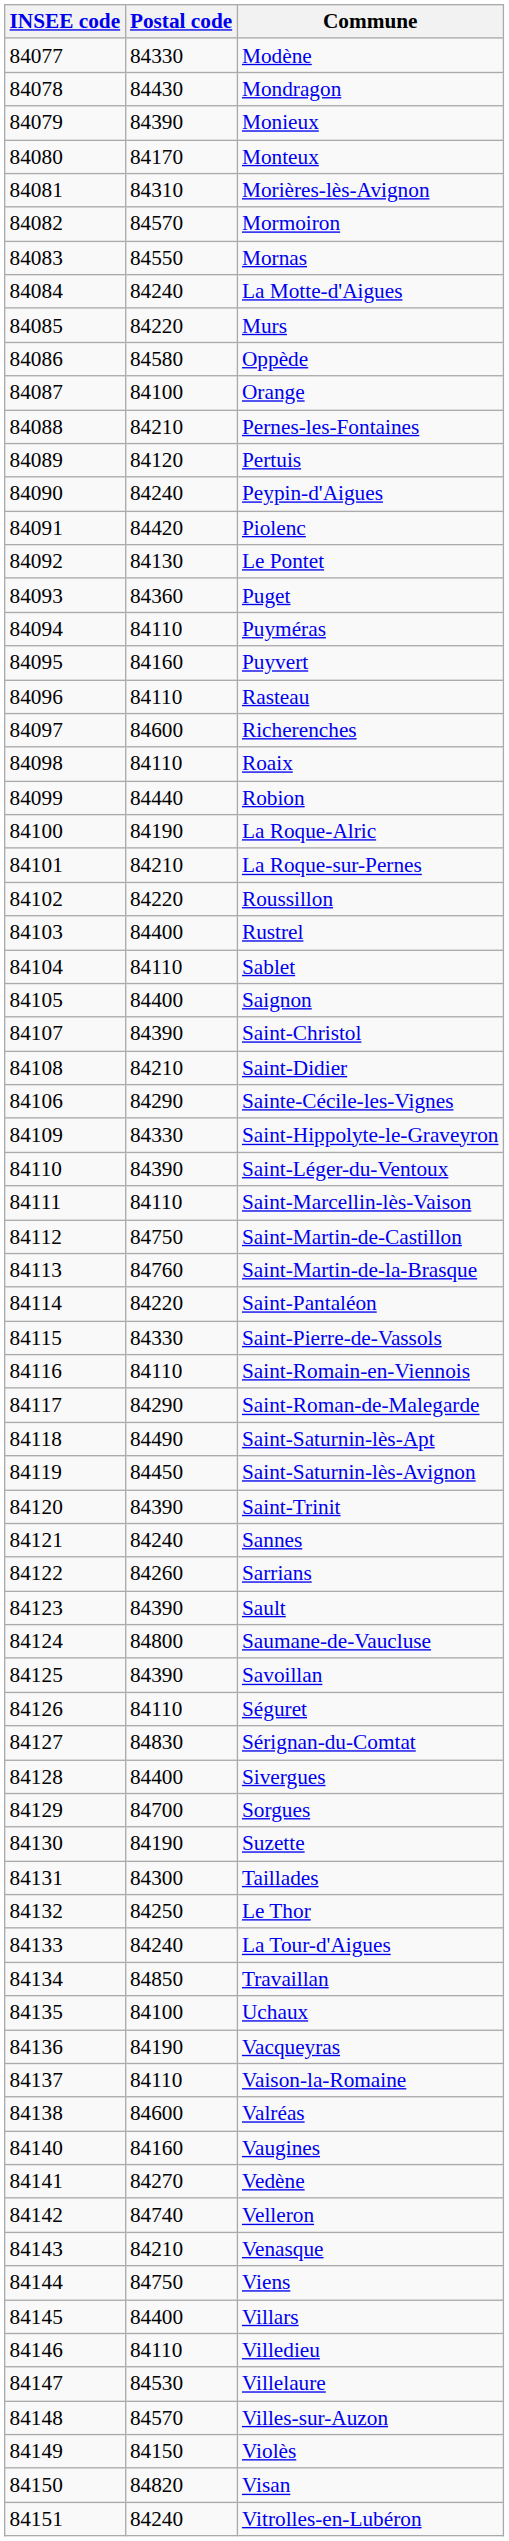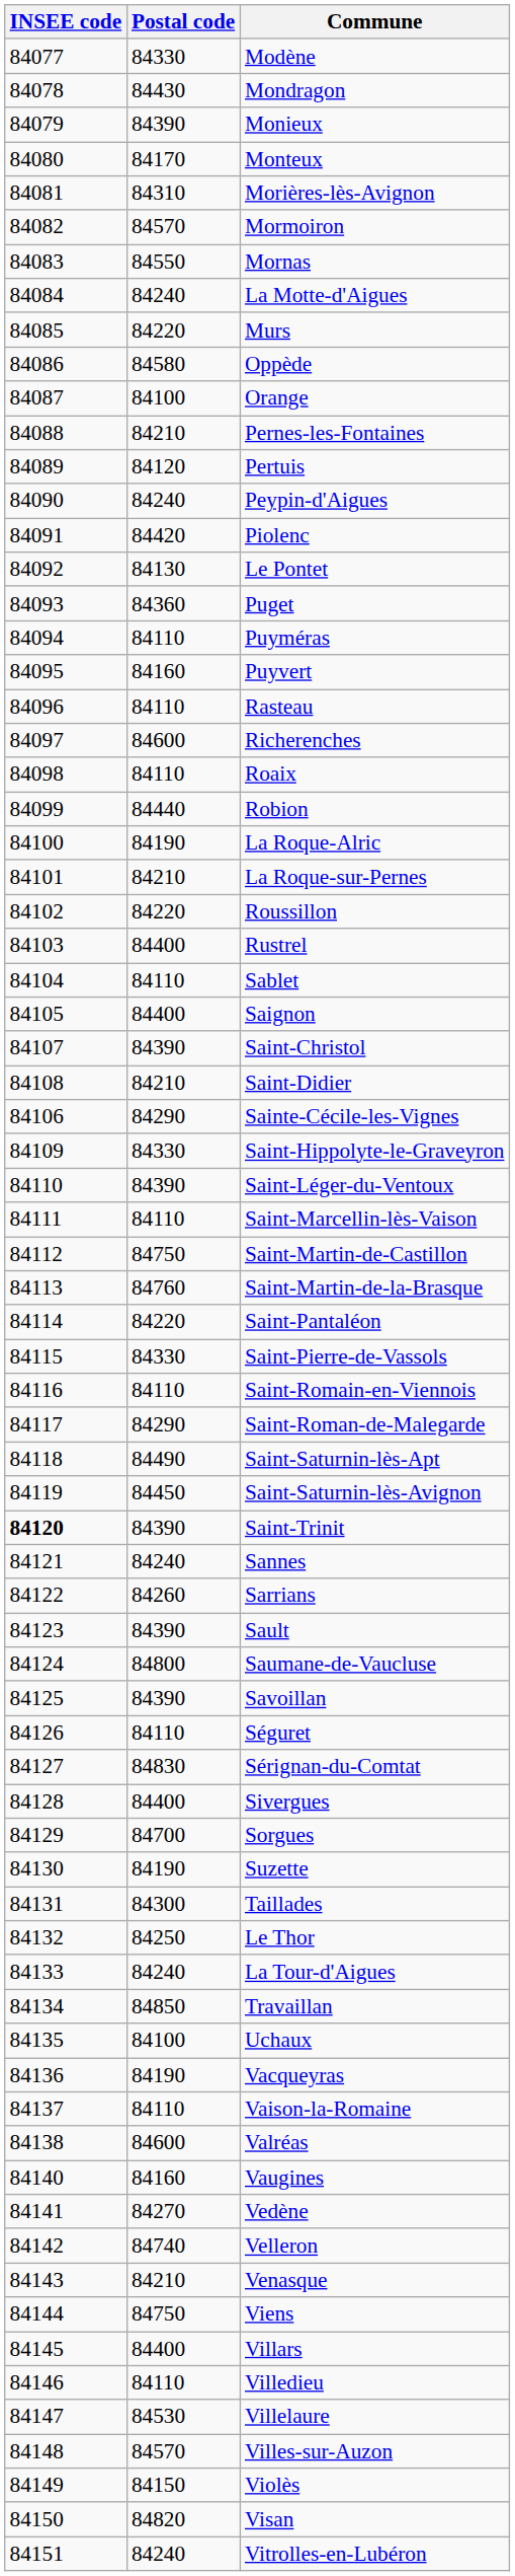 <table class="wikitable sortable">
 <tr>
 <th><a href='#'>INSEE code</a></th>
 <th><a href='#'>Postal code</a></th>
 <th>Commune</th>
 </tr>
 <tr>
 <td>84077</td>
 <td>84330</td>
 <td><a href='#'>Modène</a></td>
 </tr>
 <tr>
 <td>84078</td>
 <td>84430</td>
 <td><a href='#'>Mondragon</a></td>
 </tr>
 <tr>
 <td>84079</td>
 <td>84390</td>
 <td><a href='#'>Monieux</a></td>
 </tr>
 <tr>
 <td>84080</td>
 <td>84170</td>
 <td><a href='#'>Monteux</a></td>
 </tr>
 <tr>
 <td>84081</td>
 <td>84310</td>
 <td><a href='#'>Morières-lès-Avignon</a></td>
 </tr>
 <tr>
 <td>84082</td>
 <td>84570</td>
 <td><a href='#'>Mormoiron</a></td>
 </tr>
 <tr>
 <td>84083</td>
 <td>84550</td>
 <td><a href='#'>Mornas</a></td>
 </tr>
 <tr>
 <td>84084</td>
 <td>84240</td>
 <td><a href='#'>La Motte-d'Aigues</a></td>
 </tr>
 <tr>
 <td>84085</td>
 <td>84220</td>
 <td><a href='#'>Murs</a></td>
 </tr>
 <tr>
 <td>84086</td>
 <td>84580</td>
 <td><a href='#'>Oppède</a></td>
 </tr>
 <tr>
 <td>84087</td>
 <td>84100</td>
 <td><a href='#'>Orange</a></td>
 </tr>
 <tr>
 <td>84088</td>
 <td>84210</td>
 <td><a href='#'>Pernes-les-Fontaines</a></td>
 </tr>
 <tr>
 <td>84089</td>
 <td>84120</td>
 <td><a href='#'>Pertuis</a></td>
 </tr>
 <tr>
 <td>84090</td>
 <td>84240</td>
 <td><a href='#'>Peypin-d'Aigues</a></td>
 </tr>
 <tr>
 <td>84091</td>
 <td>84420</td>
 <td><a href='#'>Piolenc</a></td>
 </tr>
 <tr>
 <td>84092</td>
 <td>84130</td>
 <td><a href='#'>Le Pontet</a></td>
 </tr>
 <tr>
 <td>84093</td>
 <td>84360</td>
 <td><a href='#'>Puget</a></td>
 </tr>
 <tr>
 <td>84094</td>
 <td>84110</td>
 <td><a href='#'>Puyméras</a></td>
 </tr>
 <tr>
 <td>84095</td>
 <td>84160</td>
 <td><a href='#'>Puyvert</a></td>
 </tr>
 <tr>
 <td>84096</td>
 <td>84110</td>
 <td><a href='#'>Rasteau</a></td>
 </tr>
 <tr>
 <td>84097</td>
 <td>84600</td>
 <td><a href='#'>Richerenches</a></td>
 </tr>
 <tr>
 <td>84098</td>
 <td>84110</td>
 <td><a href='#'>Roaix</a></td>
 </tr>
 <tr>
 <td>84099</td>
 <td>84440</td>
 <td><a href='#'>Robion</a></td>
 </tr>
 <tr>
 <td>84100</td>
 <td>84190</td>
 <td><a href='#'>La Roque-Alric</a></td>
 </tr>
 <tr>
 <td>84101</td>
 <td>84210</td>
 <td><a href='#'>La Roque-sur-Pernes</a></td>
 </tr>
 <tr>
 <td>84102</td>
 <td>84220</td>
 <td><a href='#'>Roussillon</a></td>
 </tr>
 <tr>
 <td>84103</td>
 <td>84400</td>
 <td><a href='#'>Rustrel</a></td>
 </tr>
 <tr>
 <td>84104</td>
 <td>84110</td>
 <td><a href='#'>Sablet</a></td>
 </tr>
 <tr>
 <td>84105</td>
 <td>84400</td>
 <td><a href='#'>Saignon</a></td>
 </tr>
 <tr>
 <td>84107</td>
 <td>84390</td>
 <td><a href='#'>Saint-Christol</a></td>
 </tr>
 <tr>
 <td>84108</td>
 <td>84210</td>
 <td><a href='#'>Saint-Didier</a></td>
 </tr>
 <tr>
 <td>84106</td>
 <td>84290</td>
 <td><a href='#'>Sainte-Cécile-les-Vignes</a></td>
 </tr>
 <tr>
 <td>84109</td>
 <td>84330</td>
 <td><a href='#'>Saint-Hippolyte-le-Graveyron</a></td>
 </tr>
 <tr>
 <td>84110</td>
 <td>84390</td>
 <td><a href='#'>Saint-Léger-du-Ventoux</a></td>
 </tr>
 <tr>
 <td>84111</td>
 <td>84110</td>
 <td><a href='#'>Saint-Marcellin-lès-Vaison</a></td>
 </tr>
 <tr>
 <td>84112</td>
 <td>84750</td>
 <td><a href='#'>Saint-Martin-de-Castillon</a></td>
 </tr>
 <tr>
 <td>84113</td>
 <td>84760</td>
 <td><a href='#'>Saint-Martin-de-la-Brasque</a></td>
 </tr>
 <tr>
 <td>84114</td>
 <td>84220</td>
 <td><a href='#'>Saint-Pantaléon</a></td>
 </tr>
 <tr>
 <td>84115</td>
 <td>84330</td>
 <td><a href='#'>Saint-Pierre-de-Vassols</a></td>
 </tr>
 <tr>
 <td>84116</td>
 <td>84110</td>
 <td><a href='#'>Saint-Romain-en-Viennois</a></td>
 </tr>
 <tr>
 <td>84117</td>
 <td>84290</td>
 <td><a href='#'>Saint-Roman-de-Malegarde</a></td>
 </tr>
 <tr>
 <td>84118</td>
 <td>84490</td>
 <td><a href='#'>Saint-Saturnin-lès-Apt</a></td>
 </tr>
 <tr>
 <td>84119</td>
 <td>84450</td>
 <td><a href='#'>Saint-Saturnin-lès-Avignon</a></td>
 </tr>
 <tr>
-<td>84120</td>
+<td><strong>84120</strong></td>
 <td>84390</td>
 <td><a href='#'>Saint-Trinit</a></td>
 </tr>
 <tr>
 <td>84121</td>
 <td>84240</td>
 <td><a href='#'>Sannes</a></td>
 </tr>
 <tr>
 <td>84122</td>
 <td>84260</td>
 <td><a href='#'>Sarrians</a></td>
 </tr>
 <tr>
 <td>84123</td>
 <td>84390</td>
 <td><a href='#'>Sault</a></td>
 </tr>
 <tr>
 <td>84124</td>
 <td>84800</td>
 <td><a href='#'>Saumane-de-Vaucluse</a></td>
 </tr>
 <tr>
 <td>84125</td>
 <td>84390</td>
 <td><a href='#'>Savoillan</a></td>
 </tr>
 <tr>
 <td>84126</td>
 <td>84110</td>
 <td><a href='#'>Séguret</a></td>
 </tr>
 <tr>
 <td>84127</td>
 <td>84830</td>
 <td><a href='#'>Sérignan-du-Comtat</a></td>
 </tr>
 <tr>
 <td>84128</td>
 <td>84400</td>
 <td><a href='#'>Sivergues</a></td>
 </tr>
 <tr>
 <td>84129</td>
 <td>84700</td>
 <td><a href='#'>Sorgues</a></td>
 </tr>
 <tr>
 <td>84130</td>
 <td>84190</td>
 <td><a href='#'>Suzette</a></td>
 </tr>
 <tr>
 <td>84131</td>
 <td>84300</td>
 <td><a href='#'>Taillades</a></td>
 </tr>
 <tr>
 <td>84132</td>
 <td>84250</td>
 <td><a href='#'>Le Thor</a></td>
 </tr>
 <tr>
 <td>84133</td>
 <td>84240</td>
 <td><a href='#'>La Tour-d'Aigues</a></td>
 </tr>
 <tr>
 <td>84134</td>
 <td>84850</td>
 <td><a href='#'>Travaillan</a></td>
 </tr>
 <tr>
 <td>84135</td>
 <td>84100</td>
 <td><a href='#'>Uchaux</a></td>
 </tr>
 <tr>
 <td>84136</td>
 <td>84190</td>
 <td><a href='#'>Vacqueyras</a></td>
 </tr>
 <tr>
 <td>84137</td>
 <td>84110</td>
 <td><a href='#'>Vaison-la-Romaine</a></td>
 </tr>
 <tr>
 <td>84138</td>
 <td>84600</td>
 <td><a href='#'>Valréas</a></td>
 </tr>
 <tr>
 <td>84140</td>
 <td>84160</td>
 <td><a href='#'>Vaugines</a></td>
 </tr>
 <tr>
 <td>84141</td>
 <td>84270</td>
 <td><a href='#'>Vedène</a></td>
 </tr>
 <tr>
 <td>84142</td>
 <td>84740</td>
 <td><a href='#'>Velleron</a></td>
 </tr>
 <tr>
 <td>84143</td>
 <td>84210</td>
 <td><a href='#'>Venasque</a></td>
 </tr>
 <tr>
 <td>84144</td>
 <td>84750</td>
 <td><a href='#'>Viens</a></td>
 </tr>
 <tr>
 <td>84145</td>
 <td>84400</td>
 <td><a href='#'>Villars</a></td>
 </tr>
 <tr>
 <td>84146</td>
 <td>84110</td>
 <td><a href='#'>Villedieu</a></td>
 </tr>
 <tr>
 <td>84147</td>
 <td>84530</td>
 <td><a href='#'>Villelaure</a></td>
 </tr>
 <tr>
 <td>84148</td>
 <td>84570</td>
 <td><a href='#'>Villes-sur-Auzon</a></td>
 </tr>
 <tr>
 <td>84149</td>
 <td>84150</td>
 <td><a href='#'>Violès</a></td>
 </tr>
 <tr>
 <td>84150</td>
 <td>84820</td>
 <td><a href='#'>Visan</a></td>
 </tr>
 <tr>
 <td>84151</td>
 <td>84240</td>
 <td><a href='#'>Vitrolles-en-Lubéron</a></td>
 </tr>
 </table>
